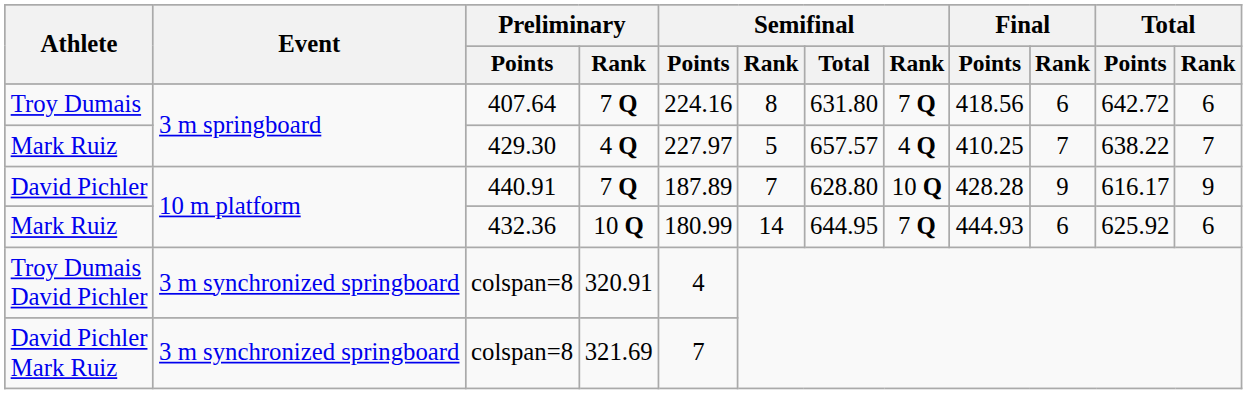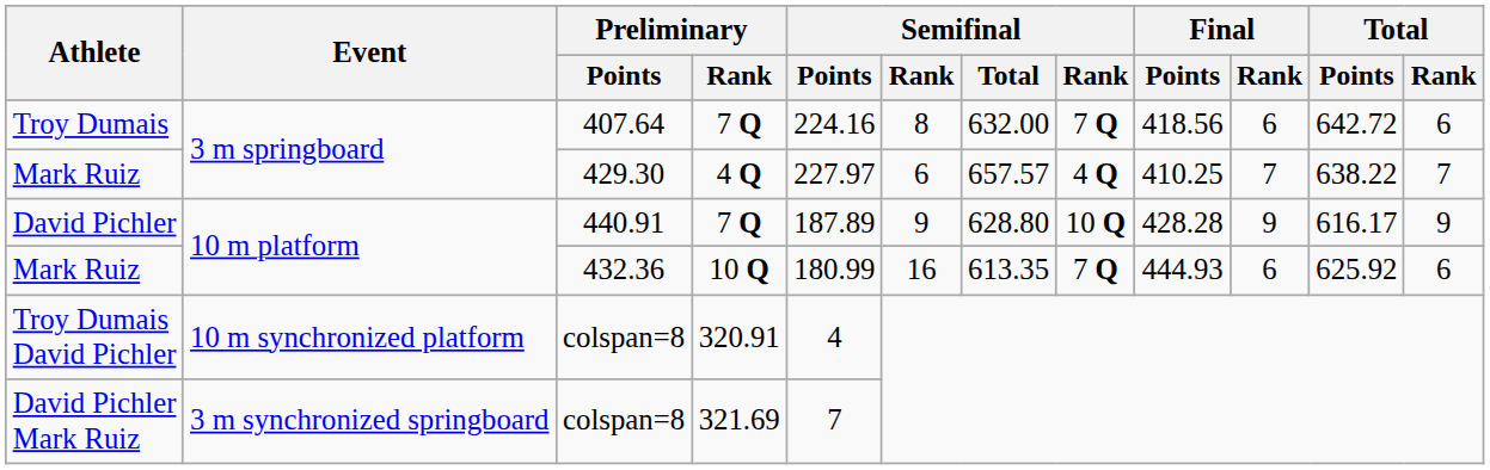 <table class=wikitable style=font-size:90%;text-align:center>
 <tr>
 <th rowspan=2>Athlete</th>
 <th rowspan=2>Event</th>
 <th colspan=2>Preliminary</th>
 <th colspan=4>Semifinal</th>
 <th colspan=2>Final</th>
 <th colspan=2>Total</th>
 </tr>
 <tr style=font-size:95%>
 <th>Points</th>
 <th>Rank</th>
 <th>Points</th>
 <th>Rank</th>
 <th>Total</th>
 <th>Rank</th>
 <th>Points</th>
 <th>Rank</th>
 <th>Points</th>
 <th>Rank</th>
 </tr>
 <tr>
 <td align=left><a href='#'>Troy Dumais</a></td>
 <td align=left rowspan=2><a href='#'>3 m springboard</a></td>
 <td>407.64</td>
 <td>7 <strong>Q</strong></td>
 <td>224.16</td>
 <td>8</td>
-<td>631.80</td>
+<td>632.00</td>
 <td>7 <strong>Q</strong></td>
 <td>418.56</td>
 <td>6</td>
 <td>642.72</td>
 <td>6</td>
 </tr>
 <tr>
 <td align=left><a href='#'>Mark Ruiz</a></td>
 <td>429.30</td>
 <td>4 <strong>Q</strong></td>
 <td>227.97</td>
-<td>5</td>
+<td>6</td>
 <td>657.57</td>
 <td>4 <strong>Q</strong></td>
 <td>410.25</td>
 <td>7</td>
 <td>638.22</td>
 <td>7</td>
 </tr>
 <tr>
 <td align=left><a href='#'>David Pichler</a></td>
 <td align=left rowspan=2><a href='#'>10 m platform</a></td>
 <td>440.91</td>
 <td>7 <strong>Q</strong></td>
 <td>187.89</td>
-<td>7</td>
+<td>9</td>
 <td>628.80</td>
 <td>10 <strong>Q</strong></td>
 <td>428.28</td>
 <td>9</td>
 <td>616.17</td>
 <td>9</td>
 </tr>
 <tr>
 <td align=left><a href='#'>Mark Ruiz</a></td>
 <td>432.36</td>
 <td>10 <strong>Q</strong></td>
 <td>180.99</td>
-<td>14</td>
-<td>644.95</td>
+<td>16</td>
+<td>613.35</td>
 <td>7 <strong>Q</strong></td>
 <td>444.93</td>
 <td>6</td>
 <td>625.92</td>
 <td>6</td>
 </tr>
 <tr>
 <td align=left><a href='#'>Troy Dumais</a><br><a href='#'>David Pichler</a></td>
-<td align=left><a href='#'>3 m synchronized springboard</a></td>
+<td align=left><a href='#'>10 m synchronized platform</a></td>
 <td>colspan=8 </td>
 <td>320.91</td>
 <td>4</td>
 </tr>
 <tr>
 <td align=left><a href='#'>David Pichler</a><br><a href='#'>Mark Ruiz</a></td>
 <td align=left><a href='#'>3 m synchronized springboard</a></td>
 <td>colspan=8 </td>
 <td>321.69</td>
 <td>7</td>
 </tr>
 </table>
